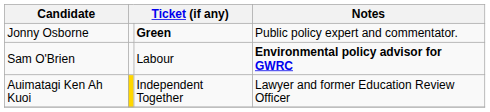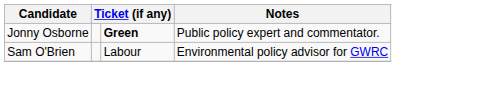 <table class="wikitable" style="font-size: 95%">
 <tr>
 <th>Candidate</th>
 <th colspan=2><a href='#'>Ticket</a> (if any)</th>
 <th>Notes</th>
 </tr>
 <tr>
 <td>Jonny Osborne</td>
 <td style="background-color:"></td>
 <td><strong>Green</strong></td>
 <td>Public policy expert and commentator.</td>
 </tr>
 <tr>
 <td>Sam O'Brien</td>
 <td style="background-color:"></td>
 <td>Labour</td>
-<td><strong>Environmental policy advisor for <a href='#'>GWRC</a></strong></td>
-</tr>
-<tr>
-<td>Auimatagi Ken Ah Kuoi</td>
-<td style="background-color:gold"></td>
-<td>Independent Together</td>
-<td>Lawyer and former Education Review Officer</td>
+<td>Environmental policy advisor for <a href='#'>GWRC</a></td>
 </tr>
 <tr>
 </tr>
 </table>
